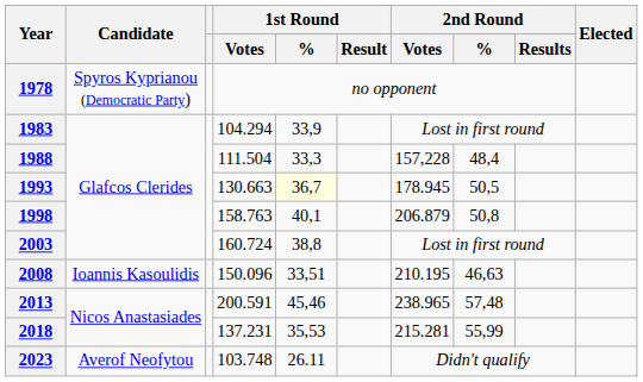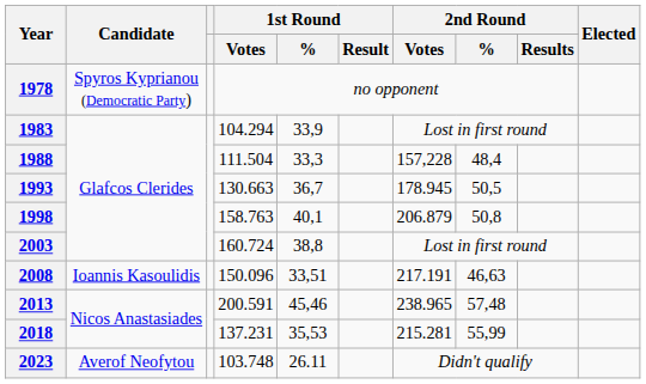 <table class="wikitable" style="text-align:center;font-size:100%;line-height:20px;">
 <tr>
 <th rowspan="2" width="50">Year</th>
 <th rowspan="2">Candidate</th>
 <th></th>
 <th colspan="3" width="100">1st Round</th>
 <th colspan="3" width="100">2nd Round</th>
 <th rowspan="2">Elected</th>
 </tr>
 <tr>
 <th></th>
 <th width="50">Votes</th>
 <th width="50">%</th>
 <th>Result</th>
 <th width="50">Votes</th>
 <th width="50">%</th>
 <th>Results</th>
 </tr>
 <tr>
 <th><a href='#'>1978</a></th>
 <td><a href='#'>Spyros Kyprianou</a><br><small>(<a href='#'>Democratic Party</a></small>)</td>
 <td></td>
 <td colspan="6"><em>no opponent</em></td>
 <td></td>
 </tr>
 <tr>
 <th><a href='#'>1983</a></th>
 <td rowspan="5"><a href='#'>Glafcos Clerides</a></td>
 <td rowspan="5"></td>
 <td>104.294</td>
 <td>33,9</td>
 <td></td>
 <td colspan="3"><em>Lost in first round</em></td>
 <td></td>
 </tr>
 <tr>
 <th><a href='#'>1988</a></th>
 <td>111.504</td>
 <td>33,3</td>
 <td></td>
 <td>157,228</td>
 <td>48,4</td>
 <td></td>
 <td></td>
 </tr>
 <tr>
 <th><a href='#'>1993</a></th>
 <td>130.663</td>
-<td style="background: lightyellow;">36,7</td>
+<td>36,7</td>
 <td></td>
 <td>178.945</td>
 <td>50,5</td>
 <td></td>
 <td></td>
 </tr>
 <tr>
 <th><a href='#'>1998</a></th>
 <td>158.763</td>
 <td>40,1</td>
 <td></td>
 <td>206.879</td>
 <td>50,8</td>
 <td></td>
 <td></td>
 </tr>
 <tr>
 <th><a href='#'>2003</a></th>
 <td>160.724</td>
 <td>38,8</td>
 <td></td>
 <td colspan="3"><em>Lost in first round</em></td>
 <td></td>
 </tr>
 <tr>
 <th><a href='#'>2008</a></th>
 <td><a href='#'>Ioannis Kasoulidis</a></td>
 <td></td>
 <td>150.096</td>
 <td>33,51</td>
 <td></td>
-<td>210.195</td>
+<td>217.191</td>
 <td>46,63</td>
 <td></td>
 <td></td>
 </tr>
 <tr>
 <th><a href='#'>2013</a></th>
 <td rowspan="2"><a href='#'>Nicos Anastasiades</a></td>
 <td rowspan="2"></td>
 <td>200.591</td>
 <td>45,46</td>
 <td></td>
 <td>238.965</td>
 <td>57,48</td>
 <td></td>
 <td></td>
 </tr>
 <tr>
 <th><a href='#'>2018</a></th>
 <td>137.231</td>
 <td>35,53</td>
 <td></td>
 <td>215.281</td>
 <td>55,99</td>
 <td></td>
 <td></td>
 </tr>
 <tr>
 <th><a href='#'>2023</a></th>
 <td><a href='#'>Averof Neofytou</a></td>
 <td></td>
 <td>103.748</td>
 <td>26.11</td>
 <td></td>
 <td colspan="3"><em>Didn't qualify</em></td>
 <td></td>
 </tr>
 </table>
